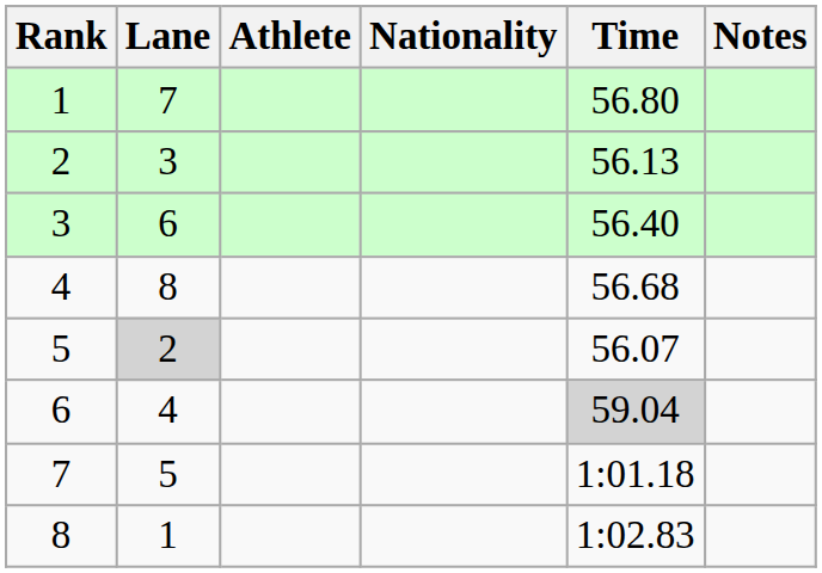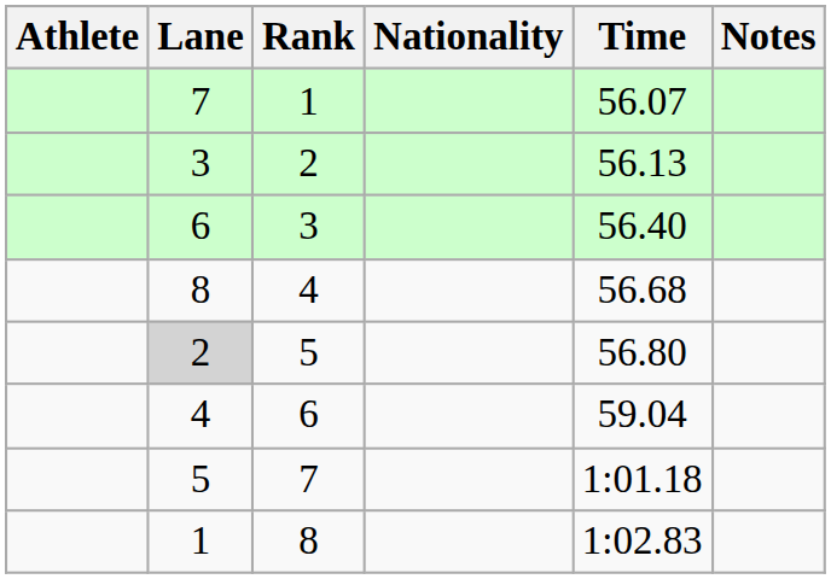 <table class="wikitable sortable" style="text-align:center">
 <tr>
+<th>Athlete</th>
+<th>Lane</th>
 <th>Rank</th>
-<th>Lane</th>
-<th>Athlete</th>
 <th>Nationality</th>
 <th>Time</th>
 <th class=unsortable>Notes</th>
 </tr>
 <tr bgcolor=ccffcc>
+<td align=left></td>
+<td>7</td>
 <td>1</td>
-<td>7</td>
 <td align=left></td>
-<td align=left></td>
-<td>56.80</td>
+<td>56.07</td>
 <td></td>
 </tr>
 <tr bgcolor=ccffcc>
+<td align=left></td>
+<td>3</td>
 <td>2</td>
-<td>3</td>
-<td align=left></td>
 <td align=left></td>
 <td>56.13</td>
 <td></td>
 </tr>
 <tr bgcolor=ccffcc>
+<td align=left></td>
+<td>6</td>
 <td>3</td>
-<td>6</td>
-<td align=left></td>
 <td align=left></td>
 <td>56.40</td>
 <td></td>
 </tr>
 <tr>
+<td align=left></td>
+<td>8</td>
 <td>4</td>
-<td>8</td>
-<td align=left></td>
 <td align=left></td>
 <td>56.68</td>
 <td></td>
 </tr>
 <tr>
+<td align=left></td>
+<td style="background: lightgrey;">2</td>
 <td>5</td>
-<td style="background: lightgrey;">2</td>
 <td align=left></td>
-<td align=left></td>
-<td>56.07</td>
+<td>56.80</td>
 <td></td>
 </tr>
 <tr>
+<td align=left></td>
+<td>4</td>
 <td>6</td>
-<td>4</td>
 <td align=left></td>
-<td align=left></td>
-<td style="background: lightgrey;">59.04</td>
+<td>59.04</td>
 <td></td>
 </tr>
 <tr>
+<td align=left></td>
+<td>5</td>
 <td>7</td>
-<td>5</td>
-<td align=left></td>
 <td align=left></td>
 <td>1:01.18</td>
 <td></td>
 </tr>
 <tr>
+<td align=left></td>
+<td>1</td>
 <td>8</td>
-<td>1</td>
-<td align=left></td>
 <td align=left></td>
 <td>1:02.83</td>
 <td></td>
 </tr>
 </table>
